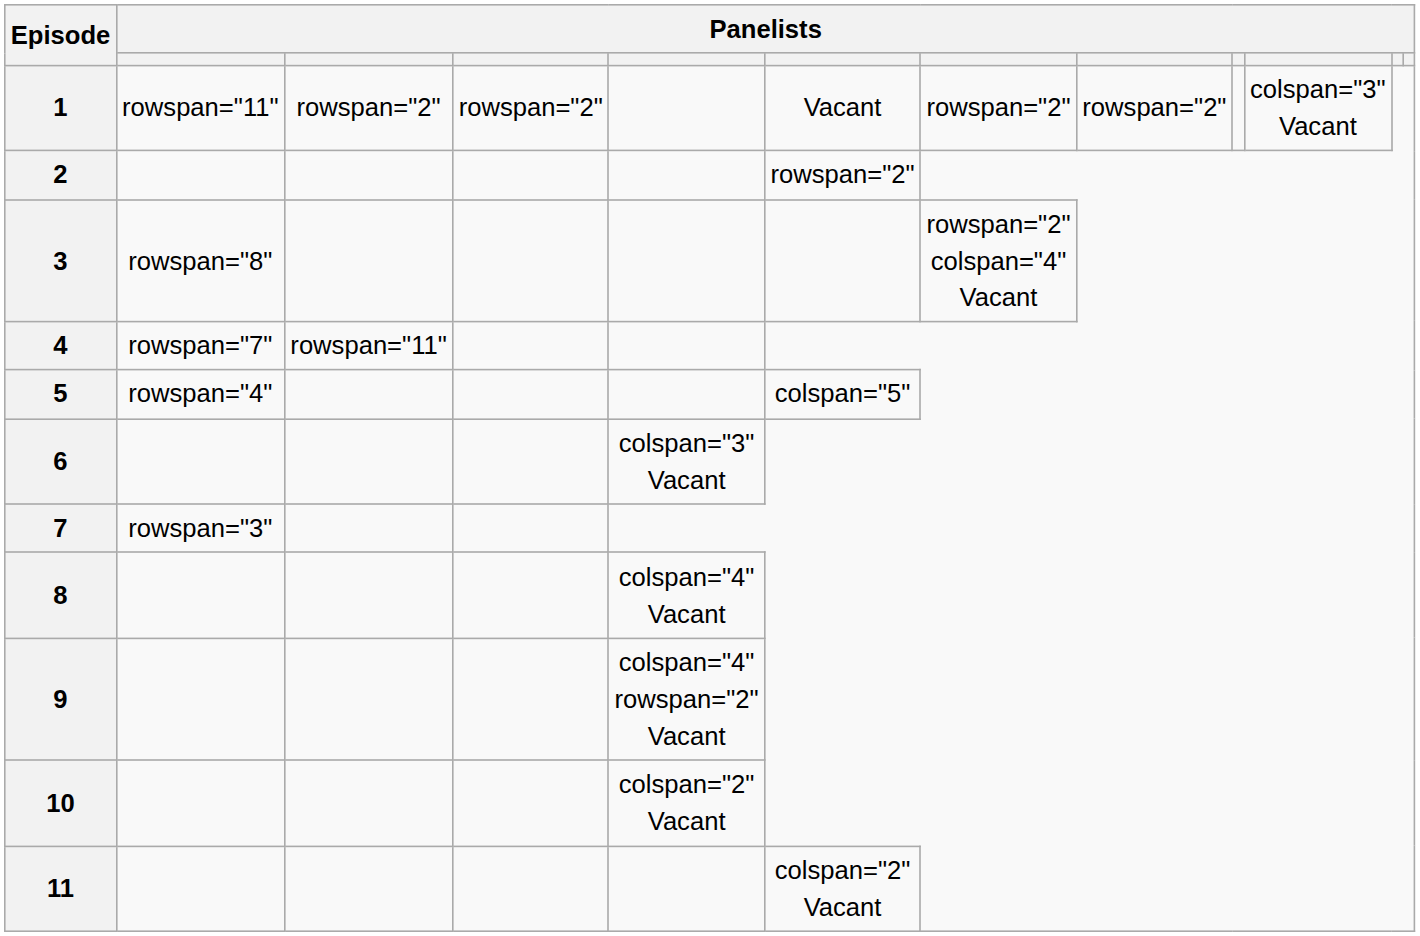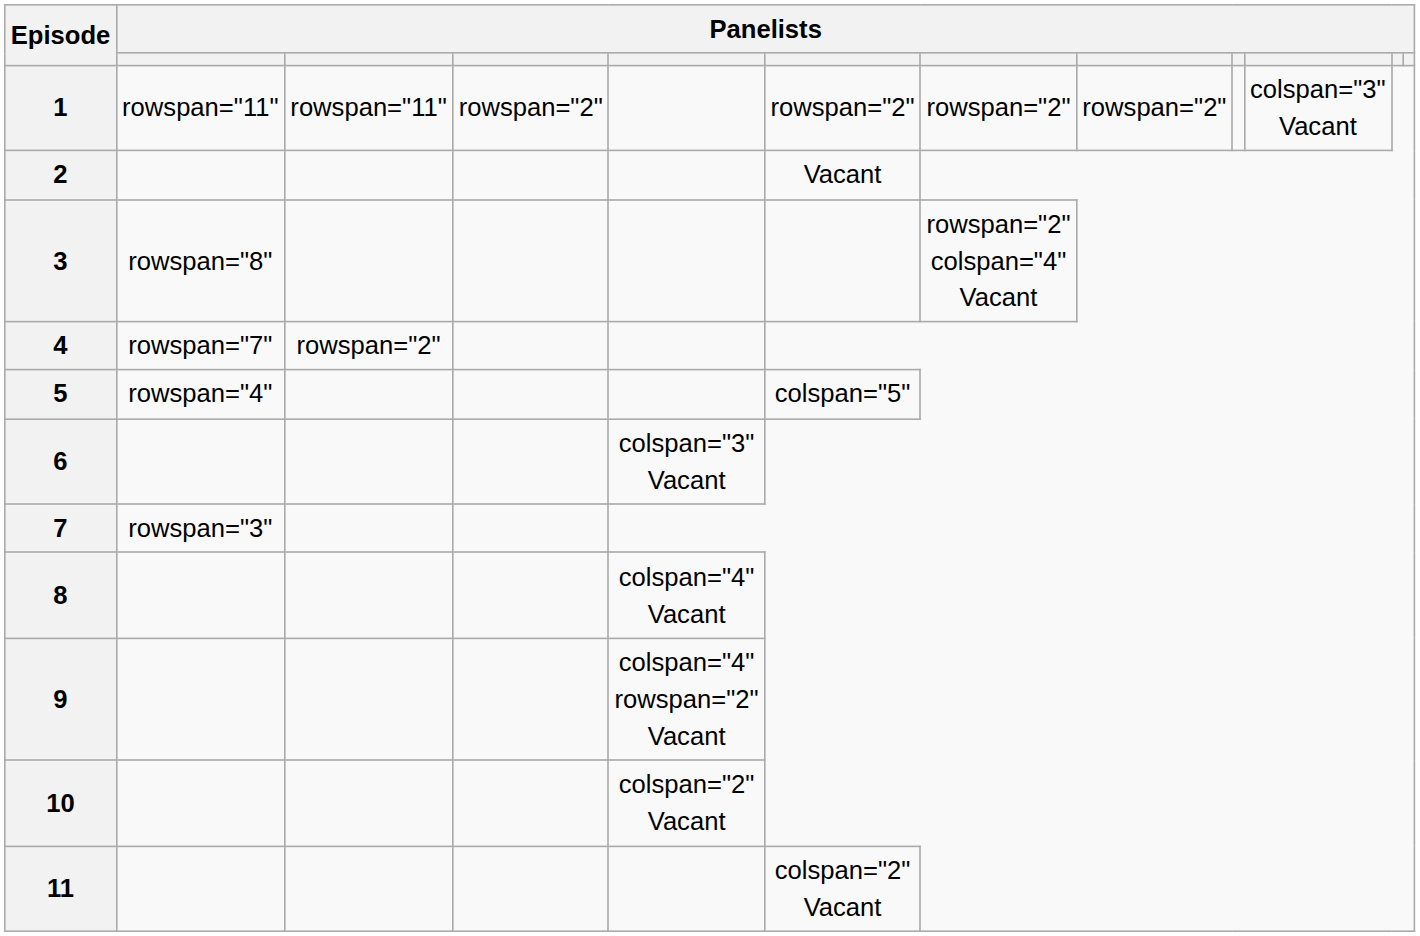 <table class="wikitable plainrowheaders mw-collapsible" style="text-align:center; line-height:23px; width:100%;">
 <tr>
 <th rowspan="2" width="1%">Episode</th>
 <th colspan="11">Panelists</th>
 </tr>
 <tr>
 <th width="9%"></th>
 <th width="9%"></th>
 <th width="9%"></th>
 <th width="9%"></th>
 <th width="9%"></th>
 <th width="9%"></th>
 <th width="9%"></th>
 <th width="9%"></th>
 <th width="9%"></th>
 <th width="9%"></th>
 <th width="9%"></th>
 </tr>
 <tr>
 <th>1</th>
 <td>rowspan="11" </td>
-<td>rowspan="2" </td>
+<td>rowspan="11" </td>
 <td>rowspan="2" </td>
 <td></td>
-<td> Vacant</td>
+<td>rowspan="2" </td>
 <td>rowspan="2" </td>
 <td>rowspan="2" </td>
 <td></td>
 <td>colspan="3"  Vacant</td>
 </tr>
 <tr>
 <th>2</th>
 <td></td>
 <td></td>
 <td></td>
 <td></td>
-<td>rowspan="2" </td>
+<td> Vacant</td>
 </tr>
 <tr>
 <th>3</th>
 <td>rowspan="8" </td>
 <td></td>
 <td></td>
 <td></td>
 <td></td>
 <td>rowspan="2" colspan="4"  Vacant</td>
 </tr>
 <tr>
 <th>4</th>
 <td>rowspan="7" </td>
-<td>rowspan="11" </td>
+<td>rowspan="2" </td>
 <td></td>
 <td></td>
 </tr>
 <tr>
 <th>5</th>
 <td>rowspan="4" </td>
 <td></td>
 <td></td>
 <td></td>
 <td>colspan="5" </td>
 </tr>
 <tr>
 <th>6</th>
 <td></td>
 <td></td>
 <td></td>
 <td>colspan="3"  Vacant</td>
 </tr>
 <tr>
 <th>7</th>
 <td>rowspan="3" </td>
 <td></td>
 <td></td>
 </tr>
 <tr>
 <th>8</th>
 <td></td>
 <td></td>
 <td></td>
 <td>colspan="4"  Vacant</td>
 </tr>
 <tr>
 <th>9</th>
 <td></td>
 <td></td>
 <td></td>
 <td>colspan="4" rowspan="2"  Vacant</td>
 </tr>
 <tr>
 <th>10</th>
 <td></td>
 <td></td>
 <td></td>
 <td>colspan="2"  Vacant</td>
 </tr>
 <tr>
 <th>11</th>
 <td></td>
 <td></td>
 <td></td>
 <td></td>
 <td>colspan="2"  Vacant</td>
 </tr>
 </table>
